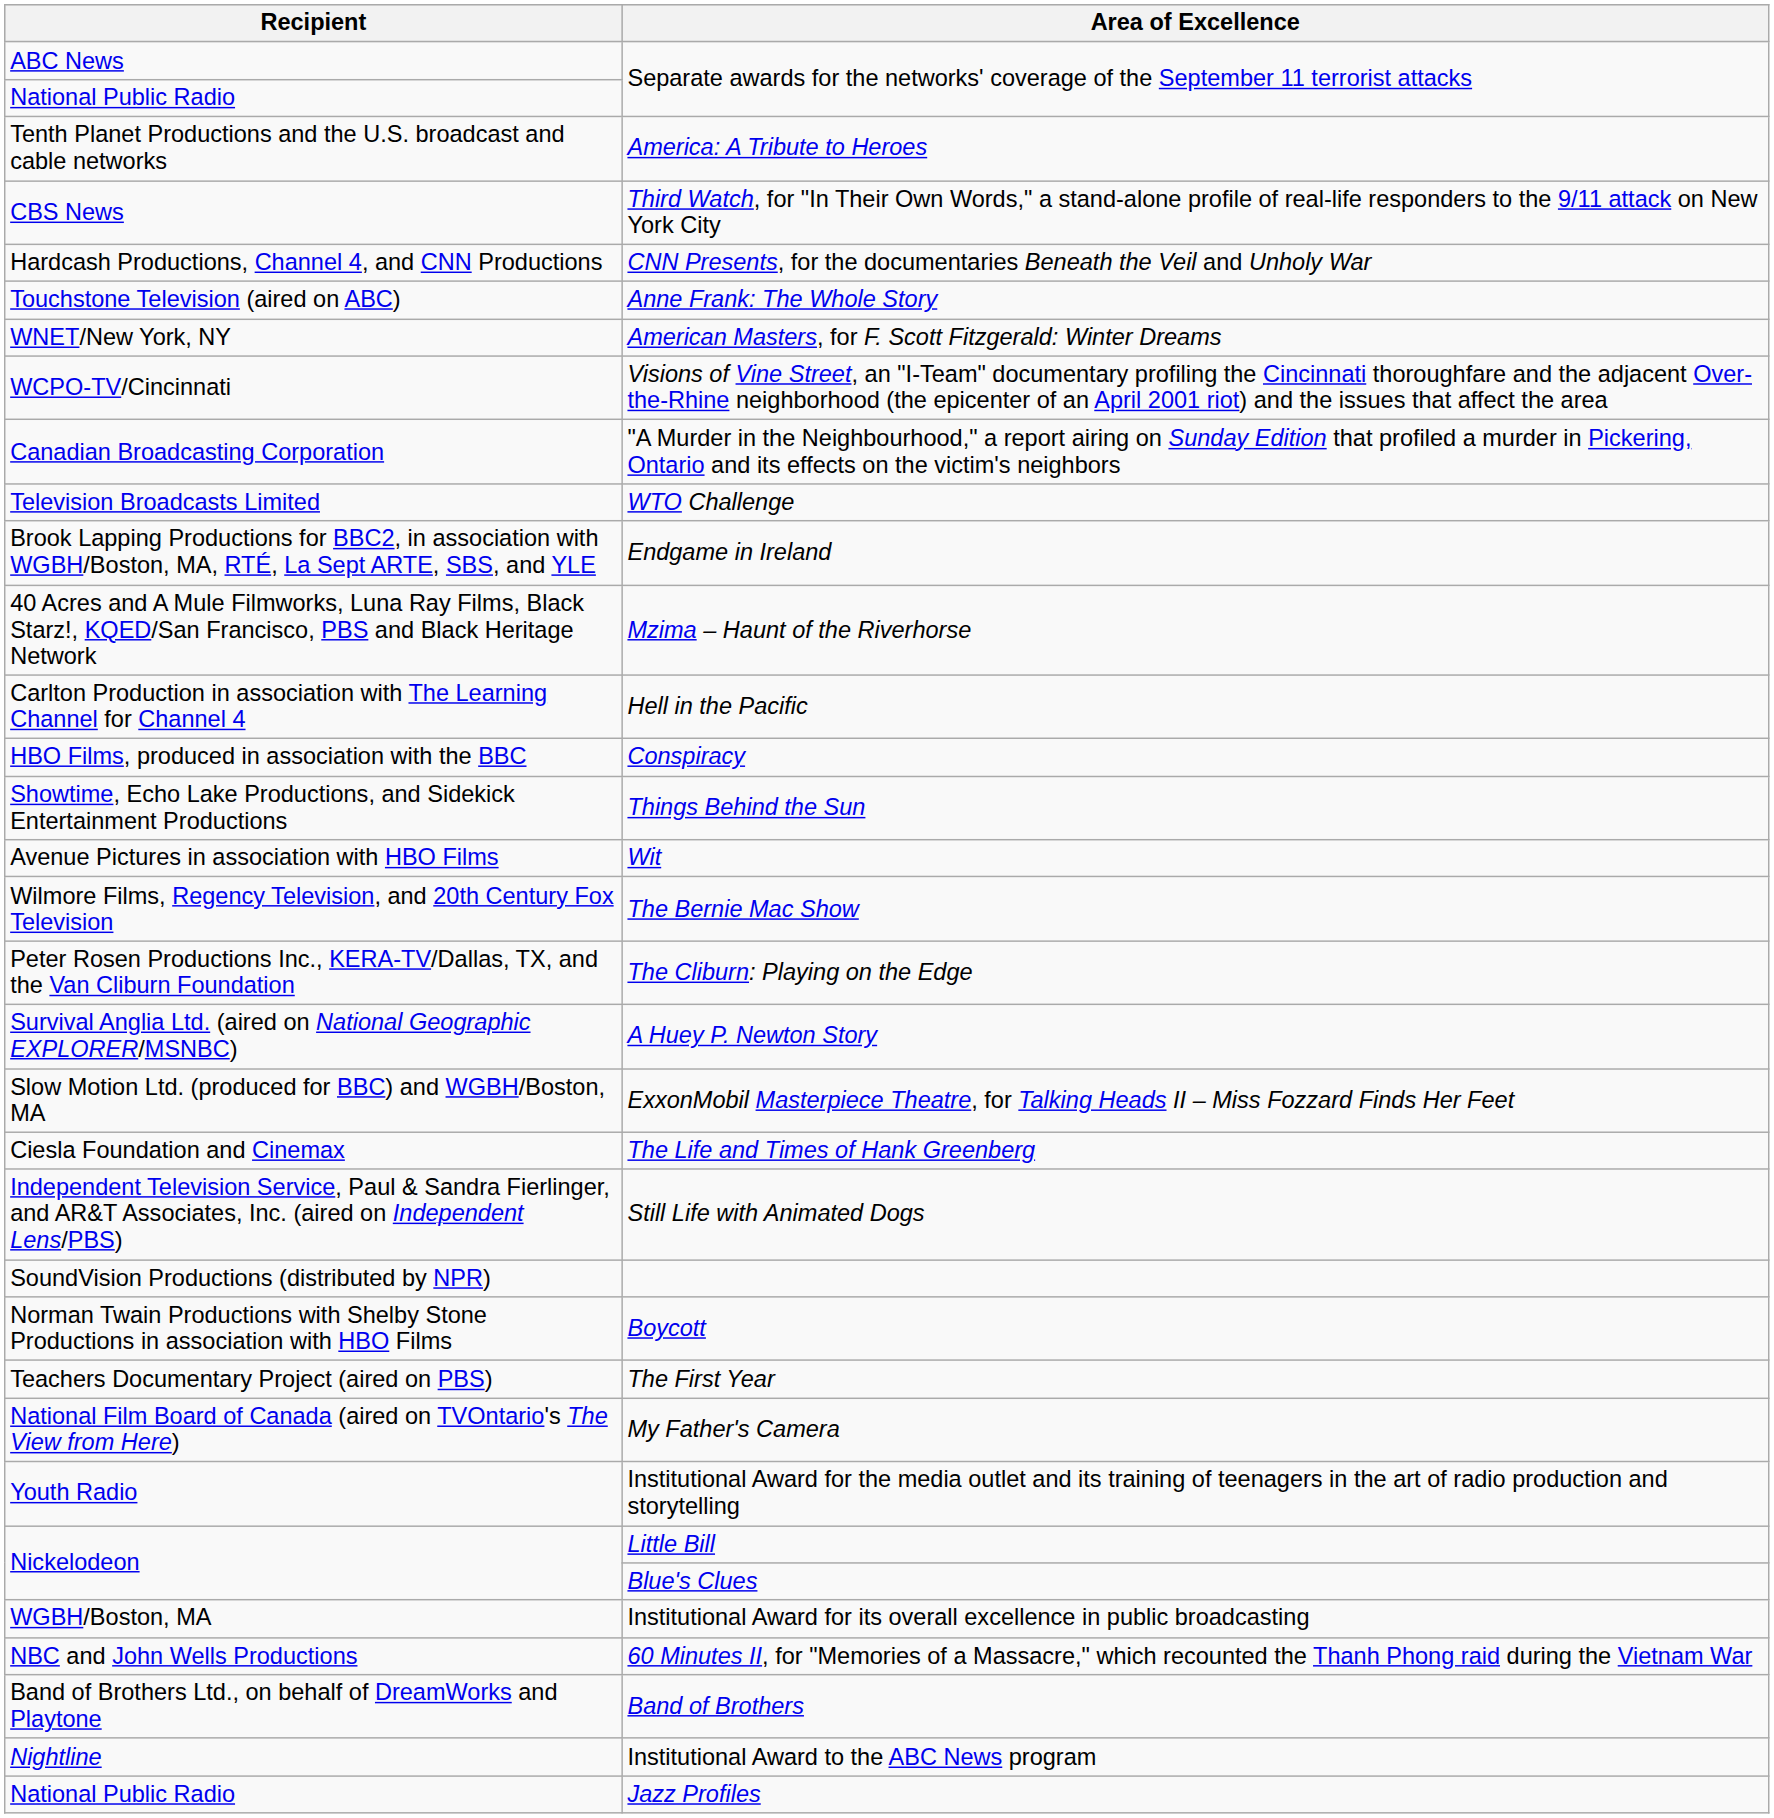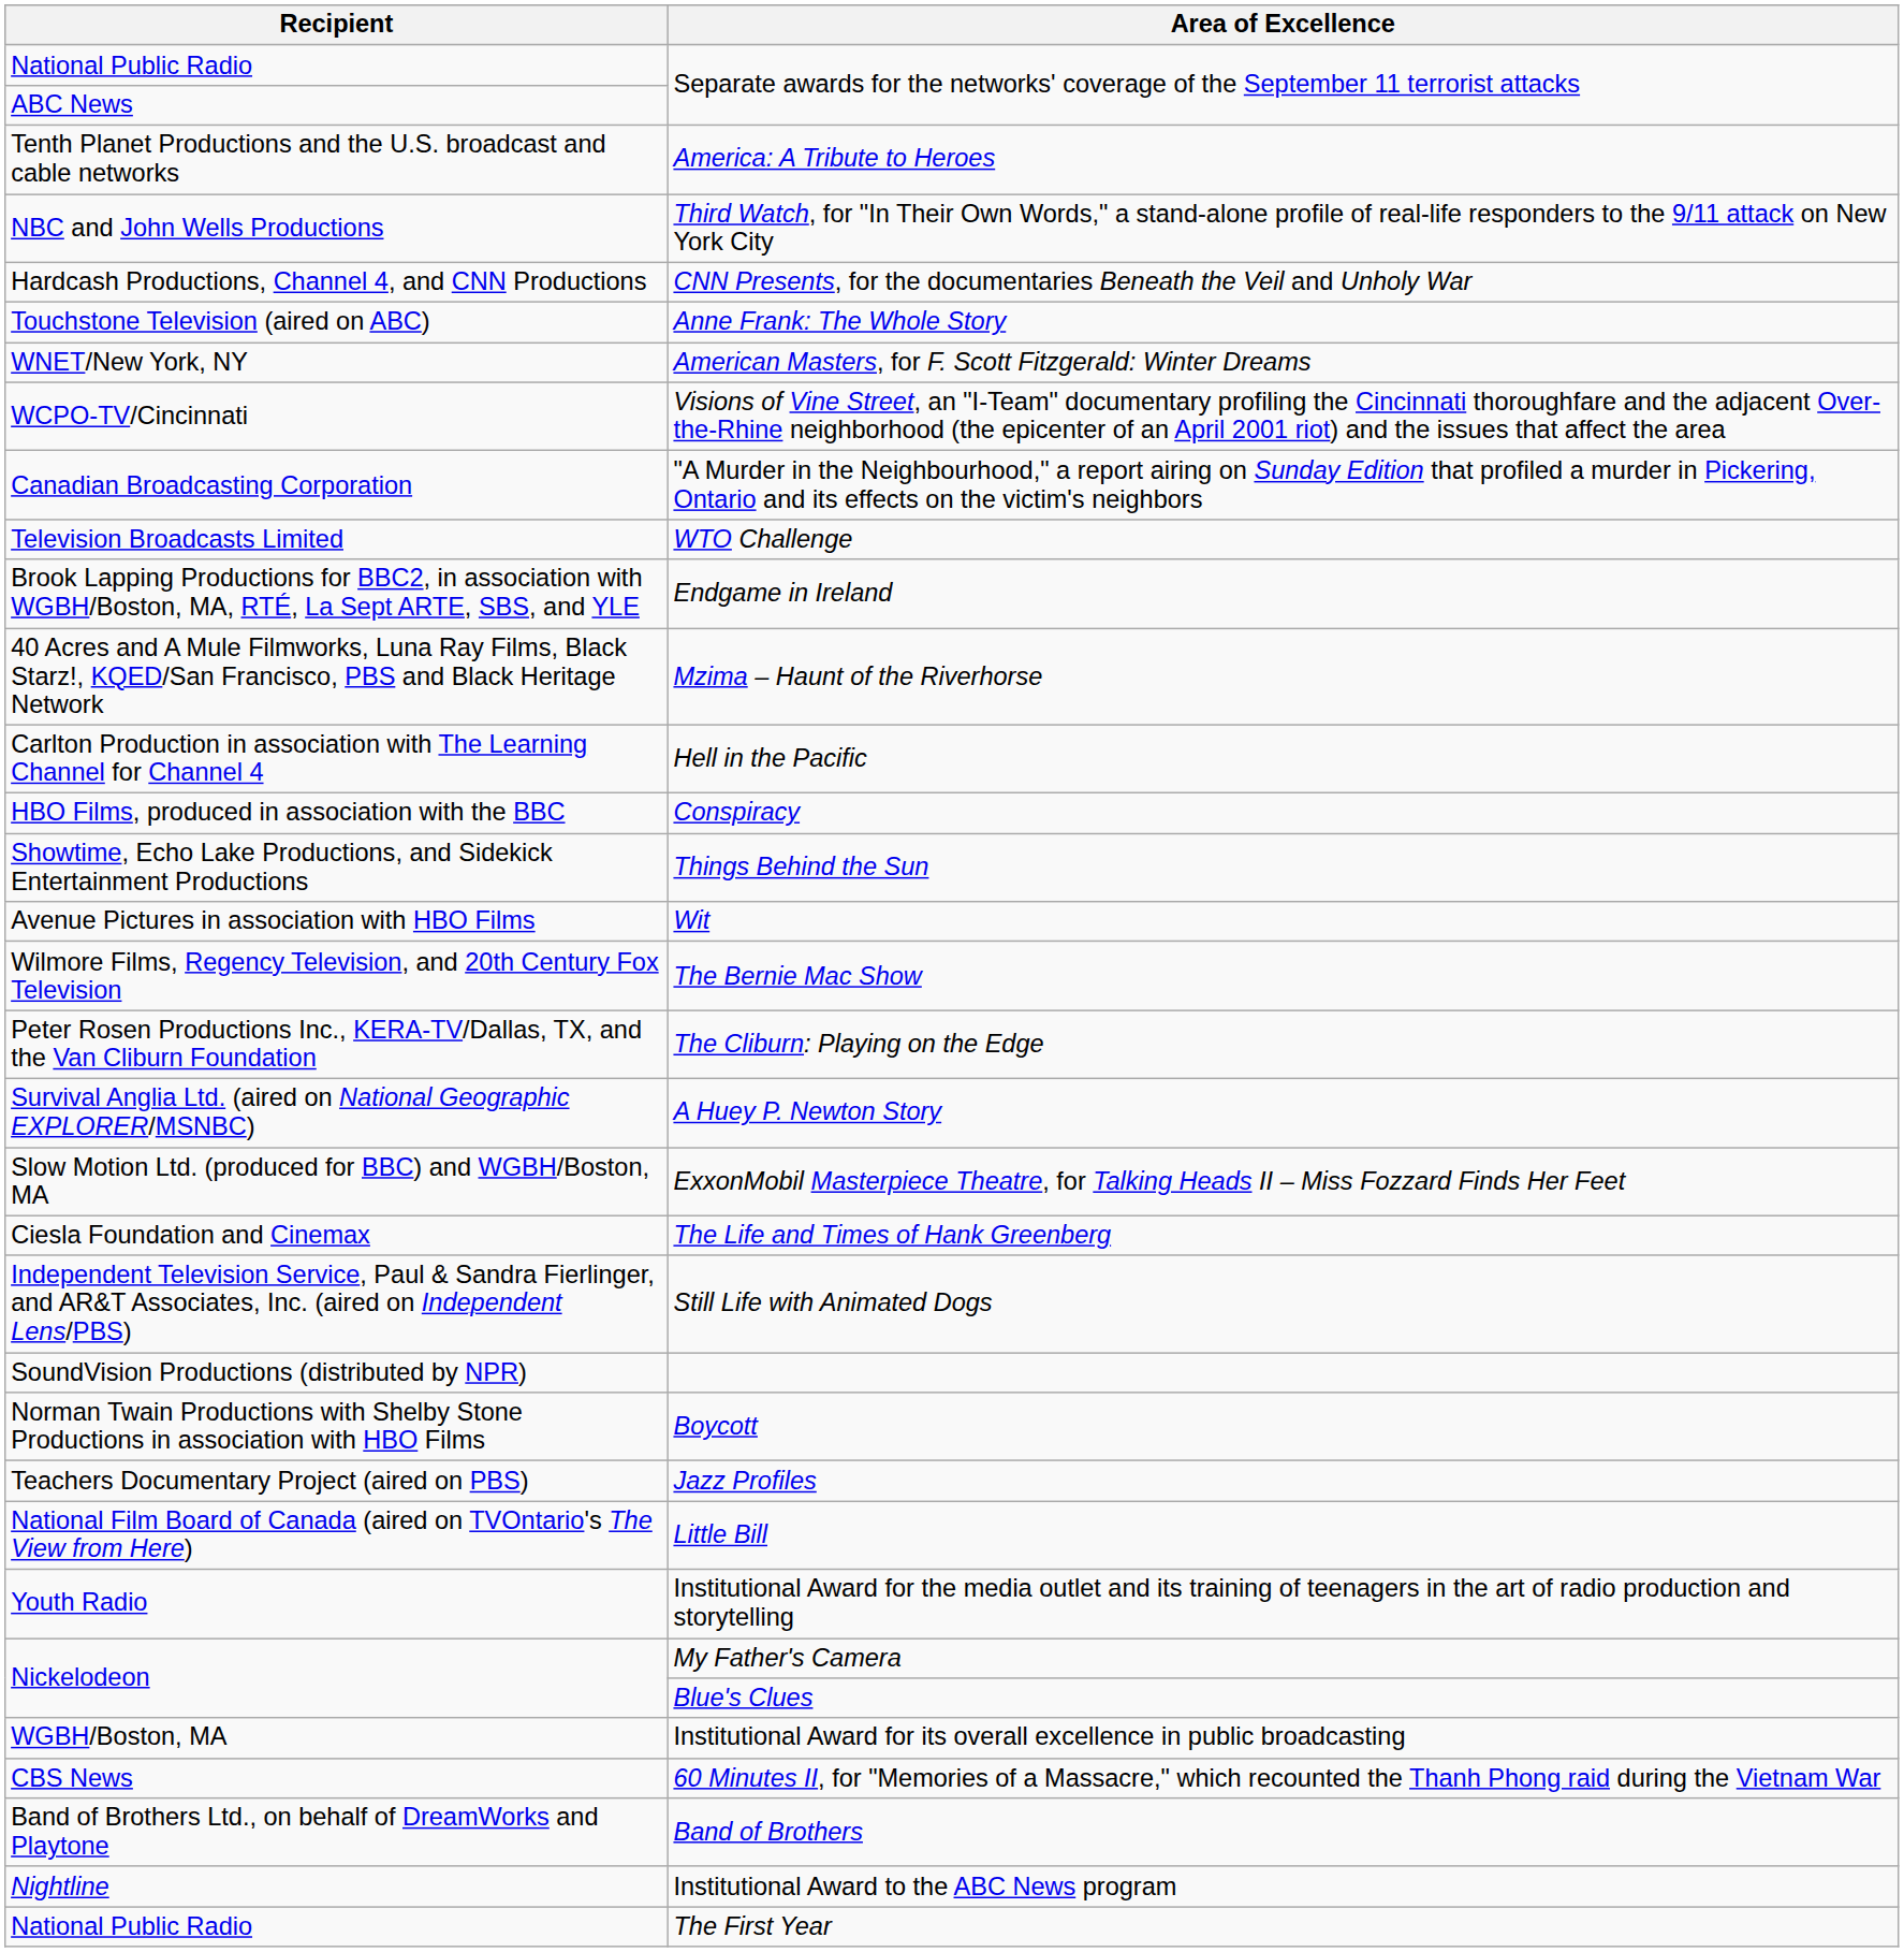 <table class="wikitable" style="width:95%">
 <tr bgcolor="#CCCCCC">
 <th width=35%>Recipient</th>
 <th width=65%>Area of Excellence</th>
 </tr>
 <tr>
-<td><a href='#'>ABC News</a></td>
+<td><a href='#'>National Public Radio</a></td>
 <td rowspan="2">Separate awards for the networks' coverage of the <a href='#'>September 11 terrorist attacks</a></td>
 </tr>
 <tr>
-<td><a href='#'>National Public Radio</a></td>
+<td><a href='#'>ABC News</a></td>
 </tr>
 <tr>
 <td>Tenth Planet Productions and the U.S. broadcast and cable networks</td>
 <td><em><a href='#'>America: A Tribute to Heroes</a></em></td>
 </tr>
 <tr>
-<td><a href='#'>CBS News</a></td>
+<td><a href='#'>NBC</a> and <a href='#'>John Wells Productions</a></td>
 <td><em><a href='#'>Third Watch</a></em>, for "In Their Own Words," a stand-alone profile of real-life responders to the <a href='#'>9/11 attack</a> on New York City</td>
 </tr>
 <tr>
 <td>Hardcash Productions, <a href='#'>Channel 4</a>, and <a href='#'>CNN</a> Productions</td>
 <td><em><a href='#'>CNN Presents</a></em>, for the documentaries <em>Beneath the Veil</em> and <em>Unholy War</em></td>
 </tr>
 <tr>
 <td><a href='#'>Touchstone Television</a> (aired on <a href='#'>ABC</a>)</td>
 <td><em><a href='#'>Anne Frank: The Whole Story</a></em></td>
 </tr>
 <tr>
 <td><a href='#'>WNET</a>/New York, NY</td>
 <td><em><a href='#'>American Masters</a></em>, for <em>F. Scott Fitzgerald: Winter Dreams</em></td>
 </tr>
 <tr>
 <td><a href='#'>WCPO-TV</a>/Cincinnati</td>
 <td><em>Visions of <a href='#'>Vine Street</a></em>, an "I-Team" documentary profiling the <a href='#'>Cincinnati</a> thoroughfare and the adjacent <a href='#'>Over-the-Rhine</a> neighborhood (the epicenter of an <a href='#'>April 2001 riot</a>) and the issues that affect the area</td>
 </tr>
 <tr>
 <td><a href='#'>Canadian Broadcasting Corporation</a></td>
 <td>"A Murder in the Neighbourhood," a report airing on <em><a href='#'>Sunday Edition</a></em> that profiled a murder in <a href='#'>Pickering, Ontario</a> and its effects on the victim's neighbors</td>
 </tr>
 <tr>
 <td><a href='#'>Television Broadcasts Limited</a></td>
 <td><em><a href='#'>WTO</a> Challenge</em></td>
 </tr>
 <tr>
 <td>Brook Lapping Productions for <a href='#'>BBC2</a>, in association with <a href='#'>WGBH</a>/Boston, MA, <a href='#'>RTÉ</a>, <a href='#'>La Sept ARTE</a>, <a href='#'>SBS</a>, and <a href='#'>YLE</a></td>
 <td><em>Endgame in Ireland</em></td>
 </tr>
 <tr>
 <td>40 Acres and A Mule Filmworks, Luna Ray Films, Black Starz!, <a href='#'>KQED</a>/San Francisco, <a href='#'>PBS</a> and Black Heritage Network</td>
 <td><em><a href='#'>Mzima</a> – Haunt of the Riverhorse</em></td>
 </tr>
 <tr>
 <td>Carlton Production in association with <a href='#'>The Learning Channel</a> for <a href='#'>Channel 4</a></td>
 <td><em>Hell in the Pacific</em></td>
 </tr>
 <tr>
 <td><a href='#'>HBO Films</a>, produced in association with the <a href='#'>BBC</a></td>
 <td><em><a href='#'>Conspiracy</a></em></td>
 </tr>
 <tr>
 <td><a href='#'>Showtime</a>, Echo Lake Productions, and Sidekick Entertainment Productions</td>
 <td><em><a href='#'>Things Behind the Sun</a></em></td>
 </tr>
 <tr>
 <td>Avenue Pictures in association with <a href='#'>HBO Films</a></td>
 <td><em><a href='#'>Wit</a></em></td>
 </tr>
 <tr>
 <td>Wilmore Films, <a href='#'>Regency Television</a>, and <a href='#'>20th Century Fox Television</a></td>
 <td><em><a href='#'>The Bernie Mac Show</a></em></td>
 </tr>
 <tr>
 <td>Peter Rosen Productions Inc., <a href='#'>KERA-TV</a>/Dallas, TX, and the <a href='#'>Van Cliburn Foundation</a></td>
 <td><em><a href='#'>The Cliburn</a>: Playing on the Edge</em></td>
 </tr>
 <tr>
 <td><a href='#'>Survival Anglia Ltd.</a> (aired on <em><a href='#'>National Geographic EXPLORER</a></em>/<a href='#'>MSNBC</a>)</td>
 <td><em><a href='#'>A Huey P. Newton Story</a></em></td>
 </tr>
 <tr>
 <td>Slow Motion Ltd. (produced for <a href='#'>BBC</a>) and <a href='#'>WGBH</a>/Boston, MA</td>
 <td><em>ExxonMobil <a href='#'>Masterpiece Theatre</a></em>, for <em><a href='#'>Talking Heads</a> II – Miss Fozzard Finds Her Feet</em></td>
 </tr>
 <tr>
 <td>Ciesla Foundation and <a href='#'>Cinemax</a></td>
 <td><em><a href='#'>The Life and Times of Hank Greenberg</a></em></td>
 </tr>
 <tr>
 <td><a href='#'>Independent Television Service</a>, Paul & Sandra Fierlinger, and AR&T Associates, Inc. (aired on <em><a href='#'>Independent Lens</a></em>/<a href='#'>PBS</a>)</td>
 <td><em>Still Life with Animated Dogs</em></td>
 </tr>
 <tr>
 <td>SoundVision Productions (distributed by <a href='#'>NPR</a>)</td>
 <td><em></em></td>
 </tr>
 <tr>
 <td>Norman Twain Productions with Shelby Stone Productions in association with <a href='#'>HBO</a> Films</td>
 <td><em><a href='#'>Boycott</a></em></td>
 </tr>
 <tr>
 <td>Teachers Documentary Project (aired on <a href='#'>PBS</a>)</td>
-<td><em>The First Year</em></td>
+<td><em><a href='#'>Jazz Profiles</a></em></td>
 </tr>
 <tr>
 <td><a href='#'>National Film Board of Canada</a> (aired on <a href='#'>TVOntario</a>'s <em><a href='#'>The View from Here</a></em>)</td>
-<td><em>My Father's Camera</em></td>
+<td><em><a href='#'>Little Bill</a></em></td>
 </tr>
 <tr>
 <td><a href='#'>Youth Radio</a></td>
 <td>Institutional Award for the media outlet and its training of teenagers in the art of radio production and storytelling</td>
 </tr>
 <tr>
 <td rowspan="2"><a href='#'>Nickelodeon</a></td>
-<td><em><a href='#'>Little Bill</a></em></td>
+<td><em>My Father's Camera</em></td>
 </tr>
 <tr>
 <td><em><a href='#'>Blue's Clues</a></em></td>
 </tr>
 <tr>
 <td><a href='#'>WGBH</a>/Boston, MA</td>
 <td>Institutional Award for its overall excellence in public broadcasting</td>
 </tr>
 <tr>
-<td><a href='#'>NBC</a> and <a href='#'>John Wells Productions</a></td>
+<td><a href='#'>CBS News</a></td>
 <td><em><a href='#'>60 Minutes II</a></em>, for "Memories of a Massacre," which recounted the <a href='#'>Thanh Phong raid</a> during the <a href='#'>Vietnam War</a></td>
 </tr>
 <tr>
 <td>Band of Brothers Ltd., on behalf of <a href='#'>DreamWorks</a> and <a href='#'>Playtone</a></td>
 <td><em><a href='#'>Band of Brothers</a></em></td>
 </tr>
 <tr>
 <td><em><a href='#'>Nightline</a></em></td>
 <td>Institutional Award to the <a href='#'>ABC News</a> program</td>
 </tr>
 <tr>
 <td><a href='#'>National Public Radio</a></td>
-<td><em><a href='#'>Jazz Profiles</a></em></td>
+<td><em>The First Year</em></td>
 </tr>
 </table>
